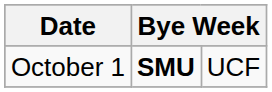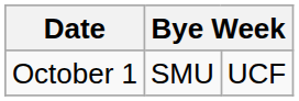 <table class="wikitable" style="font-size:95%;">
 <tr>
 <th>Date</th>
 <th colspan="3">Bye Week</th>
 </tr>
 <tr>
 <td>October 1</td>
-<td><strong>SMU</strong></td>
+<td>SMU</td>
 <td>UCF</td>
 </tr>
 </table>
